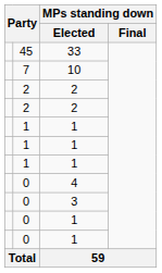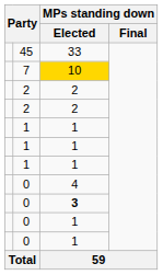 <table class="wikitable" style="font-size:100%; text-align:center">
 <tr>
 <th colspan="2" rowspan="2">Party</th>
 <th colspan="2">MPs standing down</th>
 </tr>
 <tr>
 <th>Elected</th>
 <th>Final</th>
 </tr>
 <tr>
 <td></td>
 <td>45</td>
 <td>33</td>
 </tr>
 <tr>
 <td></td>
 <td>7</td>
-<td>10</td>
+<td style="background: gold;">10</td>
 </tr>
 <tr>
 <td></td>
 <td>2</td>
 <td>2</td>
 </tr>
 <tr>
 <td></td>
 <td>2</td>
 <td>2</td>
 </tr>
 <tr>
 <td></td>
 <td>1</td>
 <td>1</td>
 </tr>
 <tr>
 <td></td>
 <td>1</td>
 <td>1</td>
 </tr>
 <tr>
 <td></td>
 <td>1</td>
 <td>1</td>
 </tr>
 <tr>
 <td></td>
 <td>0</td>
 <td>4</td>
 </tr>
 <tr>
 <td></td>
 <td>0</td>
-<td>3</td>
+<td><strong>3</strong></td>
 </tr>
 <tr>
 <td></td>
 <td>0</td>
 <td>1</td>
 </tr>
 <tr>
 <td></td>
 <td>0</td>
 <td>1</td>
 </tr>
 <tr>
 <th colspan="2">Total</th>
 <th colspan="2">59</th>
 </tr>
 </table>
